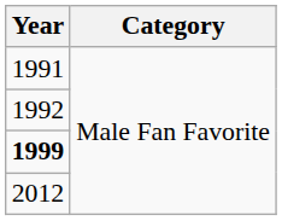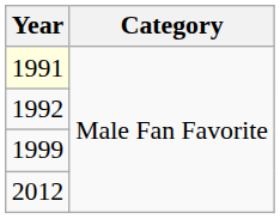 <table class="wikitable">
 <tr>
 <th>Year</th>
 <th>Category</th>
 </tr>
 <tr>
-<td>1991</td>
+<td style="background: lightyellow;">1991</td>
 <td rowspan="4">Male Fan Favorite</td>
 </tr>
 <tr>
 <td>1992</td>
 </tr>
 <tr>
-<td><strong>1999</strong></td>
+<td>1999</td>
 </tr>
 <tr>
 <td>2012</td>
 </tr>
 </table>
